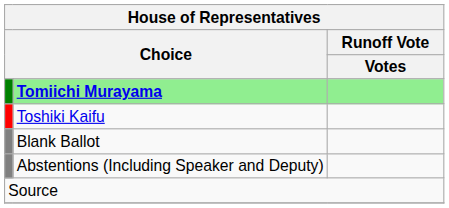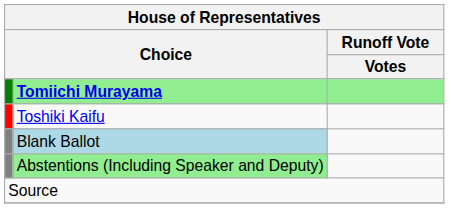 <table class="wikitable" style="font-size:90%;">
 <tr>
 <th colspan="4">House of Representatives</th>
 </tr>
 <tr>
 <th align="left" rowspan="2" colspan="2" width="100">Choice</th>
 <th colspan="2">Runoff Vote</th>
 </tr>
 <tr>
 <th width="100">Votes</th>
 </tr>
 <tr style="background:lightgreen;">
 <td width="1" bgcolor="green"></td>
 <td align="left"><strong><a href='#'>Tomiichi Murayama</a></strong></td>
 <td></td>
 </tr>
 <tr>
 <td bgcolor="red"></td>
 <td align="left"><a href='#'>Toshiki Kaifu</a></td>
 <td></td>
 </tr>
 <tr>
 <td bgcolor="gray"></td>
-<td align="left">Blank Ballot</td>
+<td align="left" style="background: lightblue;">Blank Ballot</td>
 <td></td>
 </tr>
 <tr>
 <td bgcolor="gray"></td>
-<td align="left">Abstentions (Including Speaker and Deputy)</td>
+<td align="left" style="background: lightgreen;">Abstentions (Including Speaker and Deputy)</td>
 <td></td>
 </tr>
 <tr>
 <td colspan=3>Source </td>
 </tr>
 <tr>
 </tr>
 </table>
